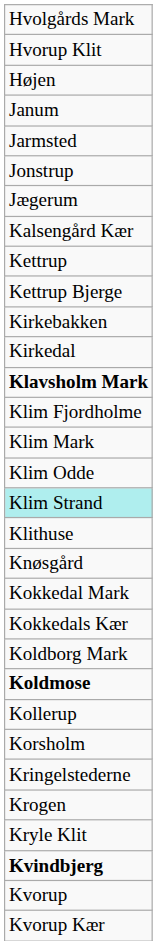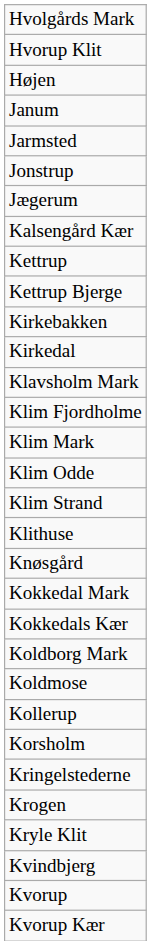 <table class="wikitable" style="float:left; margin-right:1em">
 <tr>
 <td>Hvolgårds Mark</td>
 </tr>
 <tr>
 <td>Hvorup Klit</td>
 </tr>
 <tr>
 <td>Højen</td>
 </tr>
 <tr>
 <td>Janum</td>
 </tr>
 <tr>
 <td>Jarmsted</td>
 </tr>
 <tr>
 <td>Jonstrup</td>
 </tr>
 <tr>
 <td>Jægerum</td>
 </tr>
 <tr>
 <td>Kalsengård Kær</td>
 </tr>
 <tr>
 <td>Kettrup</td>
 </tr>
 <tr>
 <td>Kettrup Bjerge</td>
 </tr>
 <tr>
 <td>Kirkebakken</td>
 </tr>
 <tr>
 <td>Kirkedal</td>
 </tr>
 <tr>
-<td><strong>Klavsholm Mark</strong></td>
+<td>Klavsholm Mark</td>
 </tr>
 <tr>
 <td>Klim Fjordholme</td>
 </tr>
 <tr>
 <td>Klim Mark</td>
 </tr>
 <tr>
 <td>Klim Odde</td>
 </tr>
 <tr>
-<td style="background: paleturquoise;">Klim Strand</td>
+<td>Klim Strand</td>
 </tr>
 <tr>
 <td>Klithuse</td>
 </tr>
 <tr>
 <td>Knøsgård</td>
 </tr>
 <tr>
 <td>Kokkedal Mark</td>
 </tr>
 <tr>
 <td>Kokkedals Kær</td>
 </tr>
 <tr>
 <td>Koldborg Mark</td>
 </tr>
 <tr>
-<td><strong>Koldmose</strong></td>
+<td>Koldmose</td>
 </tr>
 <tr>
 <td>Kollerup</td>
 </tr>
 <tr>
 <td>Korsholm</td>
 </tr>
 <tr>
 <td>Kringelstederne</td>
 </tr>
 <tr>
 <td>Krogen</td>
 </tr>
 <tr>
 <td>Kryle Klit</td>
 </tr>
 <tr>
-<td><strong>Kvindbjerg</strong></td>
+<td>Kvindbjerg</td>
 </tr>
 <tr>
 <td>Kvorup</td>
 </tr>
 <tr>
 <td>Kvorup Kær</td>
 </tr>
 </table>
